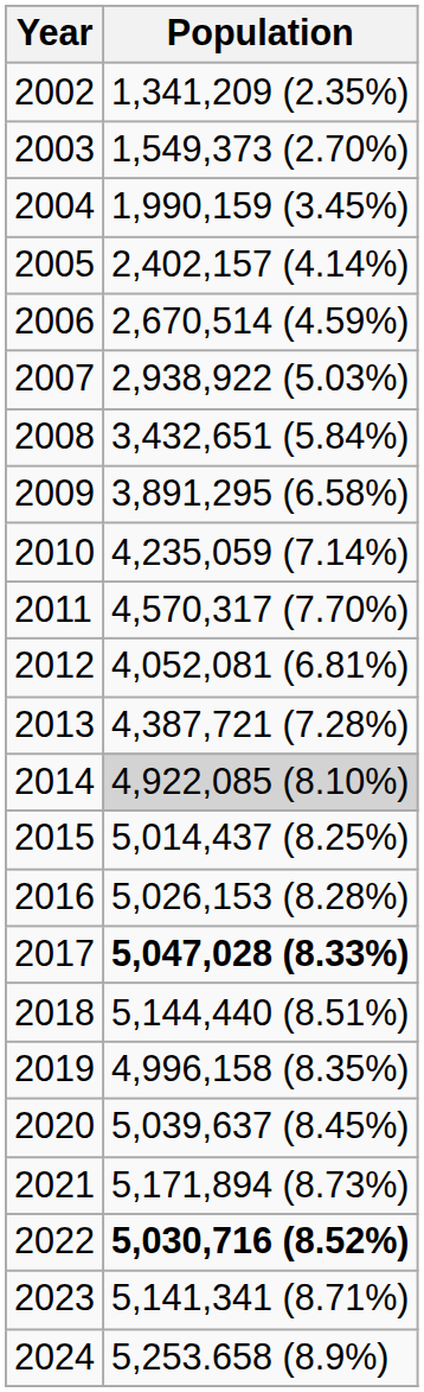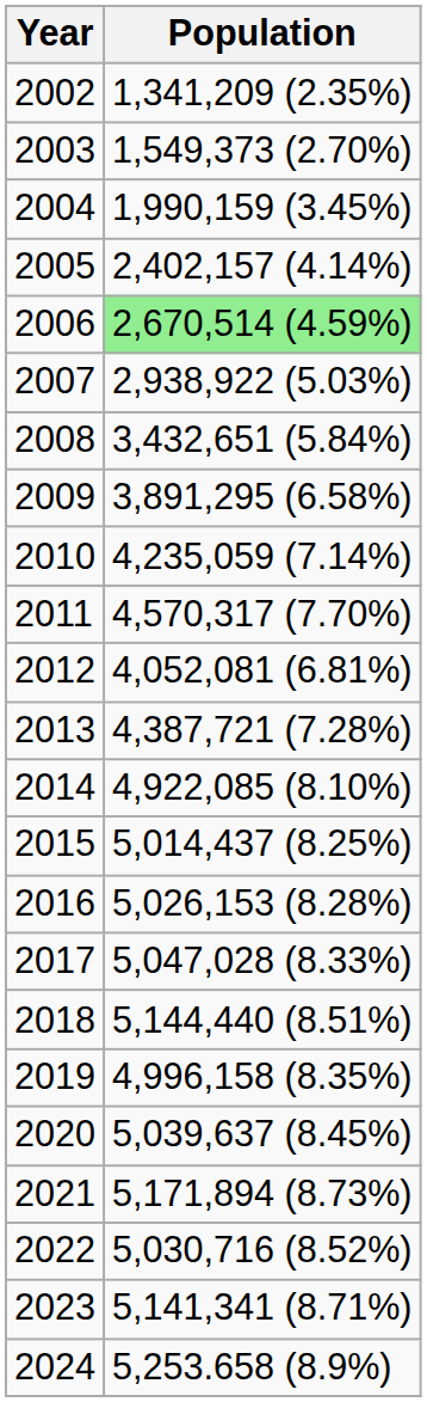 <table class="wikitable sortable">
 <tr>
 <th>Year</th>
 <th>Population</th>
 </tr>
 <tr>
 <td>2002</td>
 <td>1,341,209 (2.35%)</td>
 </tr>
 <tr>
 <td>2003</td>
 <td>1,549,373 (2.70%)</td>
 </tr>
 <tr>
 <td>2004</td>
 <td>1,990,159 (3.45%)</td>
 </tr>
 <tr>
 <td>2005</td>
 <td>2,402,157 (4.14%)</td>
 </tr>
 <tr>
 <td>2006</td>
-<td>2,670,514 (4.59%)</td>
+<td style="background: lightgreen;">2,670,514 (4.59%)</td>
 </tr>
 <tr>
 <td>2007</td>
 <td>2,938,922 (5.03%)</td>
 </tr>
 <tr>
 <td>2008</td>
 <td>3,432,651 (5.84%)</td>
 </tr>
 <tr>
 <td>2009</td>
 <td>3,891,295 (6.58%)</td>
 </tr>
 <tr>
 <td>2010</td>
 <td>4,235,059 (7.14%)</td>
 </tr>
 <tr>
 <td>2011</td>
 <td>4,570,317 (7.70%)</td>
 </tr>
 <tr>
 <td>2012</td>
 <td>4,052,081 (6.81%)</td>
 </tr>
 <tr>
 <td>2013</td>
 <td>4,387,721 (7.28%)</td>
 </tr>
 <tr>
 <td>2014</td>
-<td style="background: lightgrey;">4,922,085 (8.10%)</td>
+<td>4,922,085 (8.10%)</td>
 </tr>
 <tr>
 <td>2015</td>
 <td>5,014,437 (8.25%)</td>
 </tr>
 <tr>
 <td>2016</td>
 <td>5,026,153 (8.28%)</td>
 </tr>
 <tr>
 <td>2017</td>
-<td><strong>5,047,028 (8.33%)</strong></td>
+<td>5,047,028 (8.33%)</td>
 </tr>
 <tr>
 <td>2018</td>
 <td>5,144,440 (8.51%)</td>
 </tr>
 <tr>
 <td>2019</td>
 <td>4,996,158 (8.35%)</td>
 </tr>
 <tr>
 <td>2020</td>
 <td>5,039,637 (8.45%)</td>
 </tr>
 <tr>
 <td>2021</td>
 <td>5,171,894 (8.73%)</td>
 </tr>
 <tr>
 <td>2022</td>
-<td><strong>5,030,716 (8.52%)</strong></td>
+<td>5,030,716 (8.52%)</td>
 </tr>
 <tr>
 <td>2023</td>
 <td>5,141,341 (8.71%)</td>
 </tr>
 <tr>
 <td>2024</td>
 <td>5,253.658 (8.9%)</td>
 </tr>
 <tr>
 </tr>
 </table>
